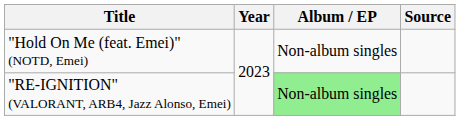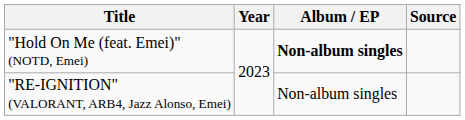 <table class="wikitable">
 <tr>
 <th>Title</th>
 <th>Year</th>
 <th>Album / EP</th>
 <th>Source</th>
 </tr>
 <tr>
 <td>"Hold On Me (feat. Emei)"<br><small>(NOTD, Emei)</small></td>
 <td rowspan="2">2023</td>
-<td>Non-album singles</td>
+<td><strong>Non-album singles</strong></td>
 <td></td>
 </tr>
 <tr>
 <td>"RE-IGNITION"<br><small>(VALORANT, ARB4, Jazz Alonso, Emei)</small></td>
-<td style="background: lightgreen;">Non-album singles</td>
+<td>Non-album singles</td>
 <td></td>
 </tr>
 </table>
